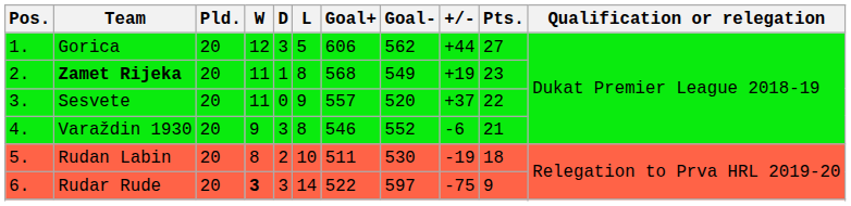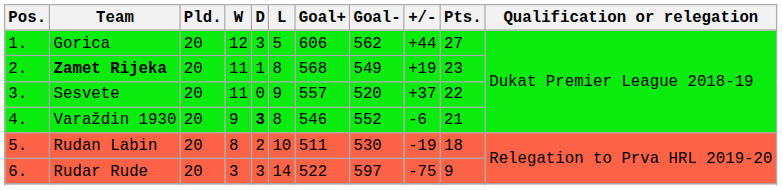 <table class="wikitable">
 <tr>
 <th>Pos.</th>
 <th>Team</th>
 <th>Pld.</th>
 <th>W</th>
 <th>D</th>
 <th>L</th>
 <th>Goal+</th>
 <th>Goal-</th>
 <th>+/-</th>
 <th>Pts.</th>
 <th>Qualification or relegation</th>
 </tr>
 <tr bgcolor="paleblue">
 <td>1.</td>
 <td>Gorica</td>
 <td>20</td>
 <td>12</td>
 <td>3</td>
 <td>5</td>
 <td>606</td>
 <td>562</td>
 <td>+44</td>
 <td>27</td>
 <td rowspan="4">Dukat Premier League 2018-19</td>
 </tr>
 <tr bgcolor="paleblue">
 <td>2.</td>
 <td><strong>Zamet Rijeka</strong></td>
 <td>20</td>
 <td>11</td>
 <td>1</td>
 <td>8</td>
 <td>568</td>
 <td>549</td>
 <td>+19</td>
 <td>23</td>
 </tr>
 <tr bgcolor="paleblue">
 <td>3.</td>
 <td>Sesvete</td>
 <td>20</td>
 <td>11</td>
 <td>0</td>
 <td>9</td>
 <td>557</td>
 <td>520</td>
 <td>+37</td>
 <td>22</td>
 </tr>
 <tr bgcolor="paleblue">
 <td>4.</td>
 <td>Varaždin 1930</td>
 <td>20</td>
 <td>9</td>
-<td>3</td>
+<td><strong>3</strong></td>
 <td>8</td>
 <td>546</td>
 <td>552</td>
 <td>-6</td>
 <td>21</td>
 </tr>
 <tr bgcolor="tomato">
 <td>5.</td>
 <td>Rudan Labin</td>
 <td>20</td>
 <td>8</td>
 <td>2</td>
 <td>10</td>
 <td>511</td>
 <td>530</td>
 <td>-19</td>
 <td>18</td>
 <td rowspan="6">Relegation to Prva HRL 2019-20</td>
 </tr>
 <tr bgcolor="tomato">
 <td>6.</td>
 <td>Rudar Rude</td>
 <td>20</td>
-<td><strong>3</strong></td>
+<td>3</td>
 <td>3</td>
 <td>14</td>
 <td>522</td>
 <td>597</td>
 <td>-75</td>
 <td>9</td>
 </tr>
 <tr bgcolor="tomato">
 </tr>
 <tr>
 </tr>
 </table>
